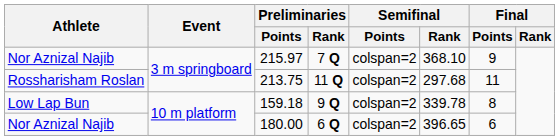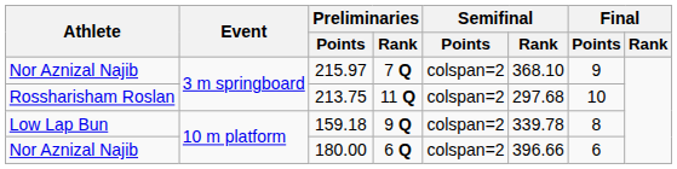 <table class="wikitable" style="font-size:90%;">
 <tr>
 <th rowspan=2>Athlete</th>
 <th rowspan=2>Event</th>
 <th colspan=2>Preliminaries</th>
 <th colspan=2>Semifinal</th>
 <th colspan=2>Final</th>
 </tr>
 <tr style="font-size:95%">
 <th>Points</th>
 <th>Rank</th>
 <th>Points</th>
 <th>Rank</th>
 <th>Points</th>
 <th>Rank</th>
 </tr>
 <tr align=center>
 <td align=left><a href='#'>Nor Aznizal Najib</a></td>
 <td align=left rowspan=2><a href='#'>3 m springboard</a></td>
 <td>215.97</td>
 <td>7 <strong>Q</strong></td>
 <td>colspan=2 </td>
 <td>368.10</td>
 <td>9</td>
 </tr>
 <tr align=center>
 <td align=left><a href='#'>Rossharisham Roslan</a></td>
 <td>213.75</td>
 <td>11 <strong>Q</strong></td>
 <td>colspan=2 </td>
 <td>297.68</td>
-<td>11</td>
+<td>10</td>
 </tr>
 <tr align=center>
 <td align=left><a href='#'>Low Lap Bun</a></td>
 <td align=left rowspan=2><a href='#'>10 m platform</a></td>
 <td>159.18</td>
 <td>9 <strong>Q</strong></td>
 <td>colspan=2 </td>
 <td>339.78</td>
 <td>8</td>
 </tr>
 <tr align=center>
 <td align=left><a href='#'>Nor Aznizal Najib</a></td>
 <td>180.00</td>
 <td>6 <strong>Q</strong></td>
 <td>colspan=2 </td>
-<td>396.65</td>
+<td>396.66</td>
 <td>6</td>
 </tr>
 </table>
